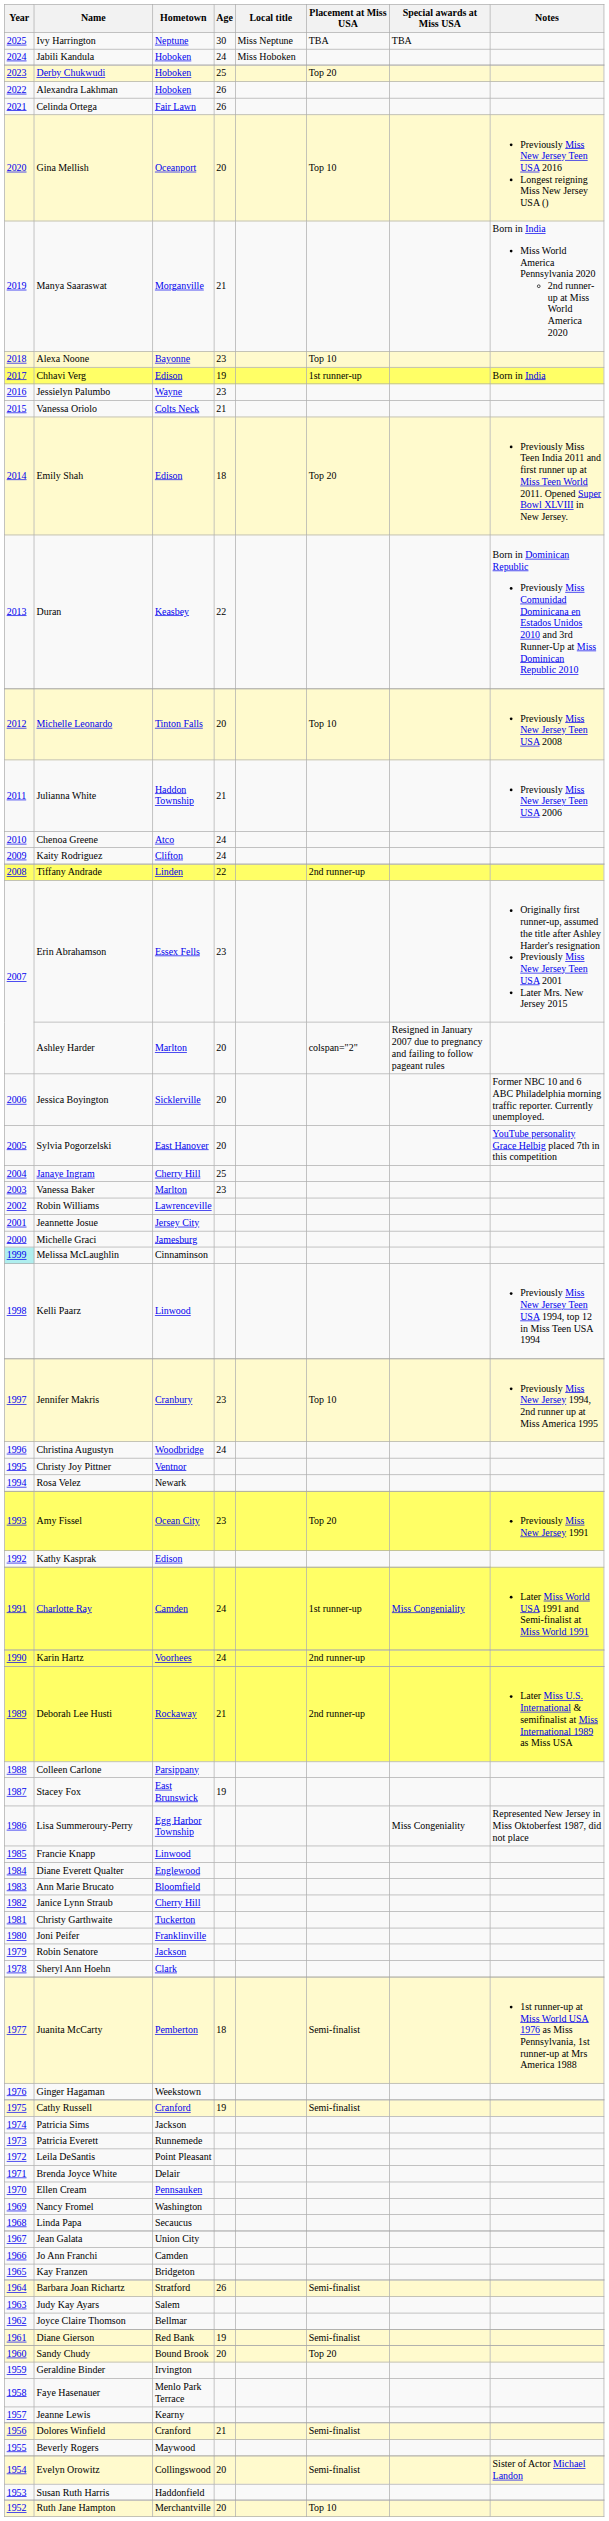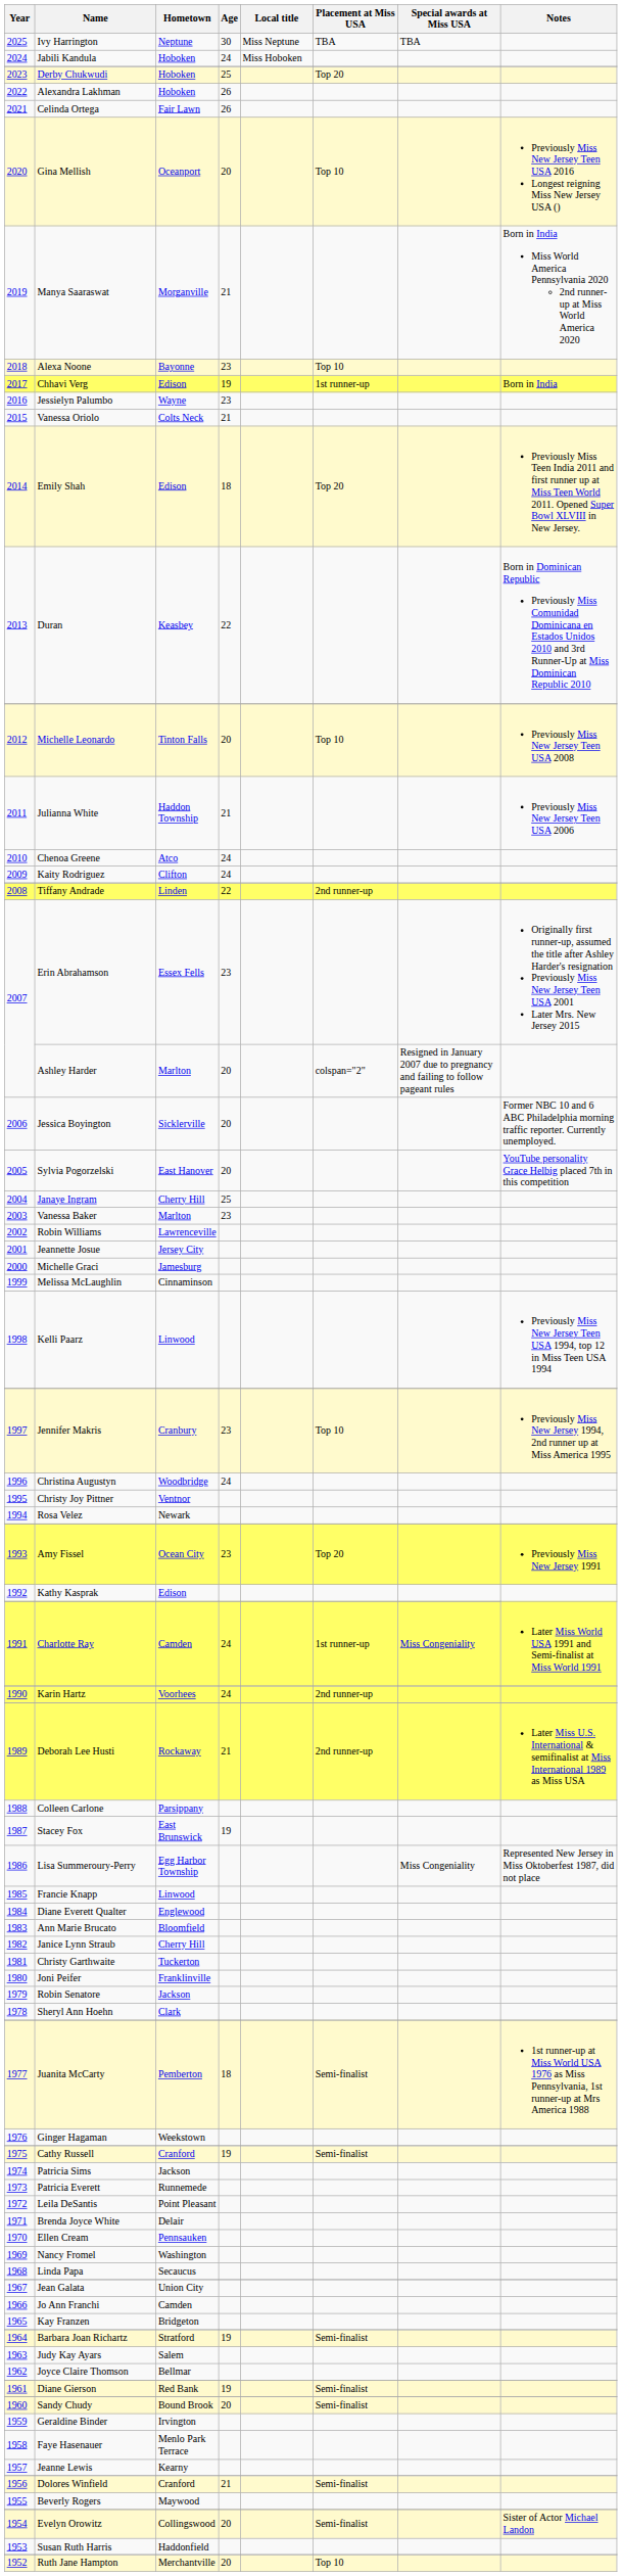 <table class="wikitable"style="font-size:90%;">
 <tr bgcolor="#efefef">
 <th width=5%>Year</th>
 <th width=20%>Name</th>
 <th width=10%>Hometown</th>
 <th width=3%>Age</th>
 <th width=12%>Local title</th>
 <th width=14%>Placement at Miss USA</th>
 <th width=17%>Special awards at Miss USA</th>
 <th width=31%>Notes</th>
 </tr>
 <tr>
 <td><a href='#'>2025</a></td>
 <td>Ivy Harrington</td>
 <td><a href='#'>Neptune</a></td>
 <td>30</td>
 <td>Miss Neptune</td>
 <td>TBA</td>
 <td>TBA</td>
 <td></td>
 </tr>
 <tr>
 <td><a href='#'>2024</a></td>
 <td>Jabili Kandula</td>
 <td><a href='#'>Hoboken</a></td>
 <td>24</td>
 <td>Miss Hoboken</td>
 <td></td>
 <td></td>
 <td></td>
 </tr>
 <tr>
 </tr>
 <tr style="background-color:#FFFACD;">
 <td><a href='#'>2023</a></td>
 <td><a href='#'>Derby Chukwudi</a></td>
 <td><a href='#'>Hoboken</a></td>
 <td>25</td>
 <td></td>
 <td>Top 20</td>
 <td></td>
 <td></td>
 </tr>
 <tr>
 <td><a href='#'>2022</a></td>
 <td>Alexandra Lakhman</td>
 <td><a href='#'>Hoboken</a></td>
 <td>26</td>
 <td></td>
 <td></td>
 <td></td>
 <td></td>
 </tr>
 <tr>
 <td><a href='#'>2021</a></td>
 <td>Celinda Ortega</td>
 <td><a href='#'>Fair Lawn</a></td>
 <td>26</td>
 <td></td>
 <td></td>
 <td></td>
 <td></td>
 </tr>
 <tr style="background-color:#FFFACD;">
 <td><a href='#'>2020</a></td>
 <td>Gina Mellish</td>
 <td><a href='#'>Oceanport</a></td>
 <td>20</td>
 <td></td>
 <td>Top 10</td>
 <td></td>
 <td><br><ul><li>Previously <a href='#'>Miss New Jersey Teen USA</a> 2016</li><li>Longest reigning Miss New Jersey USA ()</li></ul></td>
 </tr>
 <tr>
 <td><a href='#'>2019</a></td>
 <td>Manya Saaraswat</td>
 <td><a href='#'>Morganville</a></td>
 <td>21</td>
 <td></td>
 <td></td>
 <td></td>
 <td>Born in <a href='#'>India</a><br><ul><li>Miss World America Pennsylvania 2020<ul><li>2nd runner-up at Miss World America 2020</li></ul></li></ul></td>
 </tr>
 <tr style="background-color:#FFFACD;">
 <td><a href='#'>2018</a></td>
 <td>Alexa Noone</td>
 <td><a href='#'>Bayonne</a></td>
 <td>23</td>
 <td></td>
 <td>Top 10</td>
 <td></td>
 <td></td>
 </tr>
 <tr style="background-color:#FFFF66;">
 <td><a href='#'>2017</a></td>
 <td>Chhavi Verg</td>
 <td><a href='#'>Edison</a></td>
 <td>19</td>
 <td></td>
 <td>1st runner-up</td>
 <td></td>
 <td>Born in <a href='#'>India</a></td>
 </tr>
 <tr>
 <td><a href='#'>2016</a></td>
 <td>Jessielyn Palumbo</td>
 <td><a href='#'>Wayne</a></td>
 <td>23</td>
 <td></td>
 <td></td>
 <td></td>
 <td></td>
 </tr>
 <tr>
 <td><a href='#'>2015</a></td>
 <td>Vanessa Oriolo</td>
 <td><a href='#'>Colts Neck</a></td>
 <td>21</td>
 <td></td>
 <td></td>
 <td></td>
 <td></td>
 </tr>
 <tr style="background-color:#FFFACD;">
 <td><a href='#'>2014</a></td>
 <td>Emily Shah</td>
 <td><a href='#'>Edison</a></td>
 <td>18</td>
 <td></td>
 <td>Top 20</td>
 <td></td>
 <td><br><ul><li>Previously Miss Teen India 2011 and first runner up at <a href='#'>Miss Teen World</a> 2011. Opened <a href='#'>Super Bowl XLVIII</a> in New Jersey.</li></ul></td>
 </tr>
 <tr>
 <td><a href='#'>2013</a></td>
 <td> Duran</td>
 <td><a href='#'>Keasbey</a></td>
 <td>22</td>
 <td></td>
 <td></td>
 <td></td>
 <td><br>Born in <a href='#'>Dominican Republic</a><br><ul><li>Previously <a href='#'>Miss Comunidad Dominicana en Estados Unidos 2010</a> and 3rd Runner-Up at <a href='#'>Miss Dominican Republic 2010</a></li></ul></td>
 </tr>
 <tr>
 </tr>
 <tr style="background-color:#FFFACD;">
 <td><a href='#'>2012</a></td>
 <td><a href='#'>Michelle Leonardo</a></td>
 <td><a href='#'>Tinton Falls</a></td>
 <td>20</td>
 <td></td>
 <td>Top 10</td>
 <td></td>
 <td><br><ul><li>Previously <a href='#'>Miss New Jersey Teen USA</a> 2008</li></ul></td>
 </tr>
 <tr>
 <td><a href='#'>2011</a></td>
 <td>Julianna White</td>
 <td><a href='#'>Haddon Township</a></td>
 <td>21</td>
 <td></td>
 <td></td>
 <td></td>
 <td><br><ul><li>Previously <a href='#'>Miss New Jersey Teen USA</a> 2006</li></ul></td>
 </tr>
 <tr>
 <td><a href='#'>2010</a></td>
 <td>Chenoa Greene</td>
 <td><a href='#'>Atco</a></td>
 <td>24</td>
 <td></td>
 <td></td>
 <td></td>
 <td></td>
 </tr>
 <tr>
 <td><a href='#'>2009</a></td>
 <td>Kaity Rodriguez</td>
 <td><a href='#'>Clifton</a></td>
 <td>24</td>
 <td></td>
 <td></td>
 <td></td>
 <td></td>
 </tr>
 <tr>
 </tr>
 <tr style="background-color:#FFFF66;">
 <td><a href='#'>2008</a></td>
 <td>Tiffany Andrade</td>
 <td><a href='#'>Linden</a></td>
 <td>22</td>
 <td></td>
 <td>2nd runner-up</td>
 <td></td>
 <td></td>
 </tr>
 <tr>
 <td rowspan=2><a href='#'>2007</a></td>
 <td>Erin Abrahamson</td>
 <td><a href='#'>Essex Fells</a></td>
 <td>23</td>
 <td></td>
 <td></td>
 <td></td>
 <td><br><ul><li>Originally first runner-up, assumed the title after Ashley Harder's resignation</li><li>Previously <a href='#'>Miss New Jersey Teen USA</a> 2001</li><li>Later Mrs. New Jersey 2015</li></ul></td>
 </tr>
 <tr>
 <td>Ashley Harder</td>
 <td><a href='#'>Marlton</a></td>
 <td>20</td>
 <td></td>
 <td>colspan="2" </td>
 <td>Resigned in January 2007 due to pregnancy and failing to follow pageant rules</td>
 </tr>
 <tr>
 <td><a href='#'>2006</a></td>
 <td>Jessica Boyington</td>
 <td><a href='#'>Sicklerville</a></td>
 <td>20</td>
 <td></td>
 <td></td>
 <td></td>
 <td>Former NBC 10 and 6 ABC Philadelphia morning traffic reporter. Currently unemployed.</td>
 </tr>
 <tr>
 <td><a href='#'>2005</a></td>
 <td>Sylvia Pogorzelski</td>
 <td><a href='#'>East Hanover</a></td>
 <td>20</td>
 <td></td>
 <td></td>
 <td></td>
 <td><a href='#'>YouTube personality</a> <a href='#'>Grace Helbig</a> placed 7th in this competition</td>
 </tr>
 <tr>
 <td><a href='#'>2004</a></td>
 <td><a href='#'>Janaye Ingram</a></td>
 <td><a href='#'>Cherry Hill</a></td>
 <td>25</td>
 <td></td>
 <td></td>
 <td></td>
 <td></td>
 </tr>
 <tr>
 <td><a href='#'>2003</a></td>
 <td>Vanessa Baker</td>
 <td><a href='#'>Marlton</a></td>
 <td>23</td>
 <td></td>
 <td></td>
 <td></td>
 <td></td>
 </tr>
 <tr>
 <td><a href='#'>2002</a></td>
 <td>Robin Williams</td>
 <td><a href='#'>Lawrenceville</a></td>
 <td></td>
 <td></td>
 <td></td>
 <td></td>
 <td></td>
 </tr>
 <tr>
 <td><a href='#'>2001</a></td>
 <td>Jeannette Josue</td>
 <td><a href='#'>Jersey City</a></td>
 <td></td>
 <td></td>
 <td></td>
 <td></td>
 <td></td>
 </tr>
 <tr>
 <td><a href='#'>2000</a></td>
 <td>Michelle Graci</td>
 <td><a href='#'>Jamesburg</a></td>
 <td></td>
 <td></td>
 <td></td>
 <td></td>
 <td></td>
 </tr>
 <tr>
-<td style="background: paleturquoise;"><a href='#'>1999</a></td>
+<td><a href='#'>1999</a></td>
 <td>Melissa McLaughlin</td>
 <td>Cinnaminson</td>
 <td></td>
 <td></td>
 <td></td>
 <td></td>
 <td></td>
 </tr>
 <tr>
 <td><a href='#'>1998</a></td>
 <td>Kelli Paarz</td>
 <td><a href='#'>Linwood</a></td>
 <td></td>
 <td></td>
 <td></td>
 <td></td>
 <td><br><ul><li>Previously <a href='#'>Miss New Jersey Teen USA</a> 1994,  top 12 in Miss Teen USA 1994</li></ul></td>
 </tr>
 <tr>
 </tr>
 <tr style="background-color:#FFFACD;">
 <td><a href='#'>1997</a></td>
 <td>Jennifer Makris</td>
 <td><a href='#'>Cranbury</a></td>
 <td>23</td>
 <td></td>
 <td>Top 10</td>
 <td></td>
 <td><br><ul><li>Previously <a href='#'>Miss New Jersey</a> 1994, 2nd runner up at Miss America 1995</li></ul></td>
 </tr>
 <tr>
 <td><a href='#'>1996</a></td>
 <td>Christina Augustyn</td>
 <td><a href='#'>Woodbridge</a></td>
 <td>24</td>
 <td></td>
 <td></td>
 <td></td>
 <td></td>
 </tr>
 <tr>
 <td><a href='#'>1995</a></td>
 <td>Christy Joy Pittner</td>
 <td><a href='#'>Ventnor</a></td>
 <td></td>
 <td></td>
 <td></td>
 <td></td>
 <td></td>
 </tr>
 <tr>
 <td><a href='#'>1994</a></td>
 <td>Rosa Velez</td>
 <td>Newark</td>
 <td></td>
 <td></td>
 <td></td>
 <td></td>
 <td></td>
 </tr>
 <tr>
 </tr>
 <tr style="background-color:#FFFF66;">
 <td><a href='#'>1993</a></td>
 <td>Amy Fissel</td>
 <td><a href='#'>Ocean City</a></td>
 <td>23</td>
 <td></td>
 <td>Top 20</td>
 <td></td>
 <td><br><ul><li>Previously <a href='#'>Miss New Jersey</a> 1991</li></ul></td>
 </tr>
 <tr>
 <td><a href='#'>1992</a></td>
 <td>Kathy Kasprak</td>
 <td><a href='#'>Edison</a></td>
 <td></td>
 <td></td>
 <td></td>
 <td></td>
 </tr>
 <tr>
 </tr>
 <tr style="background-color:#FFFF66;">
 <td><a href='#'>1991</a></td>
 <td><a href='#'>Charlotte Ray</a></td>
 <td><a href='#'>Camden</a></td>
 <td>24</td>
 <td></td>
 <td>1st runner-up</td>
 <td><a href='#'>Miss Congeniality</a></td>
 <td><br><ul><li>Later <a href='#'>Miss World USA</a> 1991 and Semi-finalist at <a href='#'>Miss World 1991</a></li></ul></td>
 </tr>
 <tr>
 </tr>
 <tr style="background-color:#FFFF66;">
 <td><a href='#'>1990</a></td>
 <td>Karin Hartz</td>
 <td><a href='#'>Voorhees</a></td>
 <td>24</td>
 <td></td>
 <td>2nd runner-up</td>
 <td></td>
 <td></td>
 </tr>
 <tr>
 </tr>
 <tr style="background-color:#FFFF66;">
 <td><a href='#'>1989</a></td>
 <td>Deborah Lee Husti</td>
 <td><a href='#'>Rockaway</a></td>
 <td>21</td>
 <td></td>
 <td>2nd runner-up</td>
 <td></td>
 <td><br><ul><li>Later <a href='#'>Miss U.S. International</a> & semifinalist at <a href='#'>Miss International 1989</a> as Miss USA</li></ul></td>
 </tr>
 <tr>
 <td><a href='#'>1988</a></td>
 <td>Colleen Carlone</td>
 <td><a href='#'>Parsippany</a></td>
 <td></td>
 <td></td>
 <td></td>
 <td></td>
 <td></td>
 </tr>
 <tr>
 <td><a href='#'>1987</a></td>
 <td>Stacey Fox</td>
 <td><a href='#'>East Brunswick</a></td>
 <td>19</td>
 <td></td>
 <td></td>
 <td></td>
 <td></td>
 </tr>
 <tr>
 <td><a href='#'>1986</a></td>
 <td>Lisa Summeroury-Perry</td>
 <td><a href='#'>Egg Harbor Township</a></td>
 <td></td>
 <td></td>
 <td></td>
 <td>Miss Congeniality</td>
 <td>Represented New Jersey in Miss Oktoberfest 1987, did not place</td>
 </tr>
 <tr>
 <td><a href='#'>1985</a></td>
 <td>Francie Knapp</td>
 <td><a href='#'>Linwood</a></td>
 <td></td>
 <td></td>
 <td></td>
 <td></td>
 <td></td>
 </tr>
 <tr>
 <td><a href='#'>1984</a></td>
 <td>Diane Everett Qualter</td>
 <td><a href='#'>Englewood</a></td>
 <td></td>
 <td></td>
 <td></td>
 <td></td>
 <td></td>
 </tr>
 <tr>
 <td><a href='#'>1983</a></td>
 <td>Ann Marie Brucato</td>
 <td><a href='#'>Bloomfield</a></td>
 <td></td>
 <td></td>
 <td></td>
 <td></td>
 <td></td>
 </tr>
 <tr>
 <td><a href='#'>1982</a></td>
 <td>Janice Lynn Straub</td>
 <td><a href='#'>Cherry Hill</a></td>
 <td></td>
 <td></td>
 <td></td>
 <td></td>
 <td></td>
 </tr>
 <tr>
 <td><a href='#'>1981</a></td>
 <td>Christy Garthwaite</td>
 <td><a href='#'>Tuckerton</a></td>
 <td></td>
 <td></td>
 <td></td>
 <td></td>
 <td></td>
 </tr>
 <tr>
 <td><a href='#'>1980</a></td>
 <td>Joni Peifer</td>
 <td><a href='#'>Franklinville</a></td>
 <td></td>
 <td></td>
 <td></td>
 <td></td>
 <td></td>
 </tr>
 <tr>
 <td><a href='#'>1979</a></td>
 <td>Robin Senatore</td>
 <td><a href='#'>Jackson</a></td>
 <td></td>
 <td></td>
 <td></td>
 <td></td>
 <td></td>
 </tr>
 <tr>
 <td><a href='#'>1978</a></td>
 <td>Sheryl Ann Hoehn</td>
 <td><a href='#'>Clark</a></td>
 <td></td>
 <td></td>
 <td></td>
 <td></td>
 <td></td>
 </tr>
 <tr>
 </tr>
 <tr style="background-color:#FFFACD;">
 <td><a href='#'>1977</a></td>
 <td>Juanita McCarty</td>
 <td><a href='#'>Pemberton</a></td>
 <td>18</td>
 <td></td>
 <td>Semi-finalist</td>
 <td></td>
 <td><br><ul><li>1st runner-up at <a href='#'>Miss World USA 1976</a> as Miss Pennsylvania, 1st runner-up at Mrs America 1988</li></ul></td>
 </tr>
 <tr>
 <td><a href='#'>1976</a></td>
 <td>Ginger Hagaman</td>
 <td>Weekstown</td>
 <td></td>
 <td></td>
 <td></td>
 <td></td>
 <td></td>
 </tr>
 <tr>
 </tr>
 <tr style="background-color:#FFFACD;">
 <td><a href='#'>1975</a></td>
 <td>Cathy Russell</td>
 <td><a href='#'>Cranford</a></td>
 <td>19</td>
 <td></td>
 <td>Semi-finalist</td>
 <td></td>
 <td></td>
 </tr>
 <tr>
 <td><a href='#'>1974</a></td>
 <td>Patricia Sims</td>
 <td>Jackson</td>
 <td></td>
 <td></td>
 <td></td>
 <td></td>
 <td></td>
 </tr>
 <tr>
 <td><a href='#'>1973</a></td>
 <td>Patricia Everett</td>
 <td>Runnemede</td>
 <td></td>
 <td></td>
 <td></td>
 <td></td>
 <td></td>
 </tr>
 <tr>
 <td><a href='#'>1972</a></td>
 <td>Leila DeSantis</td>
 <td>Point Pleasant</td>
 <td></td>
 <td></td>
 <td></td>
 <td></td>
 <td></td>
 </tr>
 <tr>
 <td><a href='#'>1971</a></td>
 <td>Brenda Joyce White</td>
 <td>Delair</td>
 <td></td>
 <td></td>
 <td></td>
 <td></td>
 <td></td>
 </tr>
 <tr>
 <td><a href='#'>1970</a></td>
 <td>Ellen Cream</td>
 <td><a href='#'>Pennsauken</a></td>
 <td></td>
 <td></td>
 <td></td>
 <td></td>
 <td></td>
 </tr>
 <tr>
 <td><a href='#'>1969</a></td>
 <td>Nancy Fromel</td>
 <td>Washington</td>
 <td></td>
 <td></td>
 <td></td>
 <td></td>
 <td></td>
 </tr>
 <tr>
 <td><a href='#'>1968</a></td>
 <td>Linda Papa</td>
 <td>Secaucus</td>
 <td></td>
 <td></td>
 <td></td>
 <td></td>
 <td></td>
 </tr>
 <tr>
 </tr>
 <tr>
 <td><a href='#'>1967</a></td>
 <td>Jean Galata</td>
 <td>Union City</td>
 <td></td>
 <td></td>
 <td></td>
 <td></td>
 <td></td>
 </tr>
 <tr>
 <td><a href='#'>1966</a></td>
 <td>Jo Ann Franchi</td>
 <td>Camden</td>
 <td></td>
 <td></td>
 <td></td>
 <td></td>
 <td></td>
 </tr>
 <tr>
 <td><a href='#'>1965</a></td>
 <td>Kay Franzen</td>
 <td>Bridgeton</td>
 <td></td>
 <td></td>
 <td></td>
 <td></td>
 <td></td>
 </tr>
 <tr>
 </tr>
 <tr style="background-color:#FFFACD;">
 <td><a href='#'>1964</a></td>
 <td>Barbara Joan Richartz</td>
 <td>Stratford</td>
-<td>26</td>
+<td>19</td>
 <td></td>
 <td>Semi-finalist</td>
 <td></td>
 <td></td>
 </tr>
 <tr>
 <td><a href='#'>1963</a></td>
 <td>Judy Kay Ayars</td>
 <td>Salem</td>
 <td></td>
 <td></td>
 <td></td>
 <td></td>
 <td></td>
 </tr>
 <tr>
 <td><a href='#'>1962</a></td>
 <td>Joyce Claire Thomson</td>
 <td>Bellmar</td>
 <td></td>
 <td></td>
 <td></td>
 <td></td>
 <td></td>
 </tr>
 <tr>
 </tr>
 <tr style="background-color:#FFFACD;">
 <td><a href='#'>1961</a></td>
 <td>Diane Gierson</td>
 <td>Red Bank</td>
 <td>19</td>
 <td></td>
 <td>Semi-finalist</td>
 <td></td>
 <td></td>
 </tr>
 <tr>
 </tr>
 <tr style="background-color:#FFFACD;">
 <td><a href='#'>1960</a></td>
 <td>Sandy Chudy</td>
 <td>Bound Brook</td>
 <td>20</td>
 <td></td>
-<td>Top 20</td>
+<td>Semi-finalist</td>
 <td></td>
 <td></td>
 </tr>
 <tr>
 <td><a href='#'>1959</a></td>
 <td>Geraldine Binder</td>
 <td>Irvington</td>
 <td></td>
 <td></td>
 <td></td>
 <td></td>
 <td></td>
 </tr>
 <tr>
 <td><a href='#'>1958</a></td>
 <td>Faye Hasenauer</td>
 <td>Menlo Park Terrace</td>
 <td></td>
 <td></td>
 <td></td>
 <td></td>
 <td></td>
 </tr>
 <tr>
 <td><a href='#'>1957</a></td>
 <td>Jeanne Lewis</td>
 <td>Kearny</td>
 <td></td>
 <td></td>
 <td></td>
 <td></td>
 <td></td>
 </tr>
 <tr>
 </tr>
 <tr style="background-color:#FFFACD;">
 <td><a href='#'>1956</a></td>
 <td>Dolores Winfield</td>
 <td>Cranford</td>
 <td>21</td>
 <td></td>
 <td>Semi-finalist</td>
 <td></td>
 <td></td>
 </tr>
 <tr>
 <td><a href='#'>1955</a></td>
 <td>Beverly Rogers</td>
 <td>Maywood</td>
 <td></td>
 <td></td>
 <td></td>
 <td></td>
 <td></td>
 </tr>
 <tr>
 </tr>
 <tr style="background-color:#FFFACD;">
 <td><a href='#'>1954</a></td>
 <td>Evelyn Orowitz</td>
 <td>Collingswood</td>
 <td>20</td>
 <td></td>
 <td>Semi-finalist</td>
 <td></td>
 <td>Sister of Actor <a href='#'>Michael Landon</a></td>
 </tr>
 <tr>
 <td><a href='#'>1953</a></td>
 <td>Susan Ruth Harris</td>
 <td>Haddonfield</td>
 <td></td>
 <td></td>
 <td></td>
 <td></td>
 <td></td>
 </tr>
 <tr>
 </tr>
 <tr style="background-color:#FFFACD;">
 <td><a href='#'>1952</a></td>
 <td>Ruth Jane Hampton</td>
 <td>Merchantville</td>
 <td>20</td>
 <td></td>
 <td>Top 10</td>
 <td></td>
 <td></td>
 </tr>
 </table>
